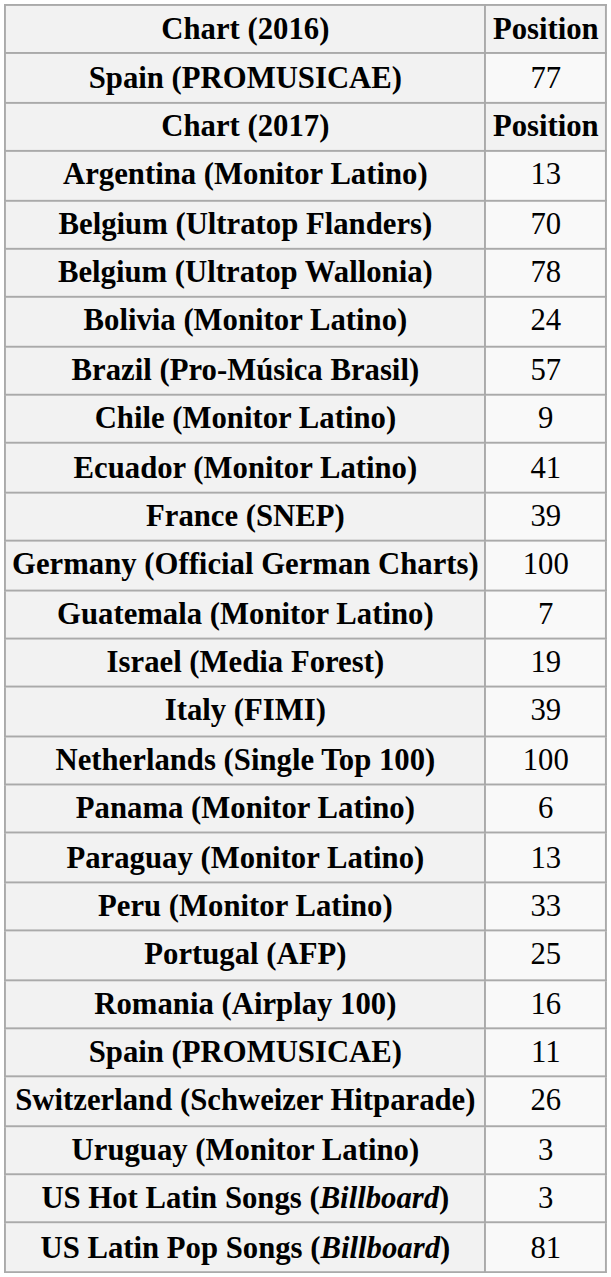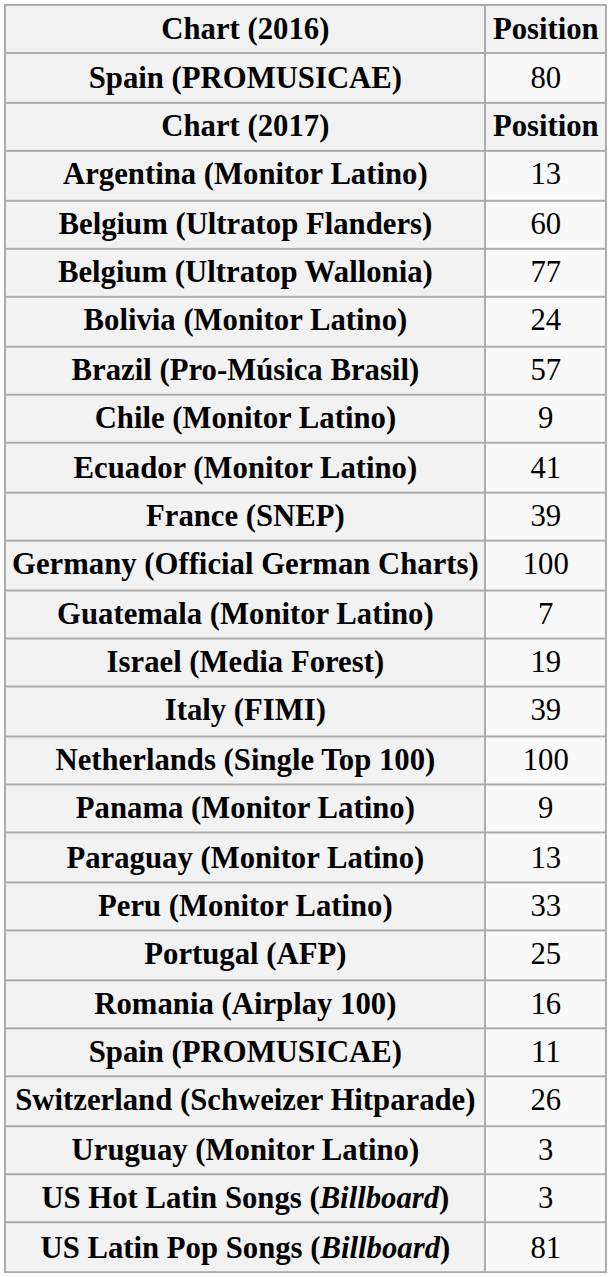 <table class="wikitable plainrowheaders sortable" style="text-align:center">
 <tr>
 <th>Chart (2016)</th>
 <th>Position</th>
 </tr>
 <tr>
 <th scope="row">Spain (PROMUSICAE)</th>
-<td>77</td>
+<td>80</td>
 </tr>
 <tr>
 <th>Chart (2017)</th>
 <th>Position</th>
 </tr>
 <tr>
 <th scope="row">Argentina (Monitor Latino)</th>
 <td>13</td>
 </tr>
 <tr>
 <th scope="row">Belgium (Ultratop Flanders)</th>
-<td>70</td>
+<td>60</td>
 </tr>
 <tr>
 <th scope="row">Belgium (Ultratop Wallonia)</th>
-<td>78</td>
+<td>77</td>
 </tr>
 <tr>
 <th scope="row">Bolivia (Monitor Latino)</th>
 <td>24</td>
 </tr>
 <tr>
 <th scope="row">Brazil (Pro-Música Brasil)</th>
 <td>57</td>
 </tr>
 <tr>
 <th scope="row">Chile (Monitor Latino)</th>
 <td>9</td>
 </tr>
 <tr>
 <th scope="row">Ecuador (Monitor Latino)</th>
 <td>41</td>
 </tr>
 <tr>
 <th scope="row">France (SNEP)</th>
 <td>39</td>
 </tr>
 <tr>
 <th scope="row">Germany (Official German Charts)</th>
 <td>100</td>
 </tr>
 <tr>
 <th scope="row">Guatemala (Monitor Latino)</th>
 <td>7</td>
 </tr>
 <tr>
 <th scope="row">Israel (Media Forest)</th>
 <td>19</td>
 </tr>
 <tr>
 <th scope="row">Italy (FIMI)</th>
 <td style="text-align:center;">39</td>
 </tr>
 <tr>
 <th scope="row">Netherlands (Single Top 100)</th>
 <td>100</td>
 </tr>
 <tr>
 <th scope="row">Panama (Monitor Latino)</th>
-<td>6</td>
+<td>9</td>
 </tr>
 <tr>
 <th scope="row">Paraguay (Monitor Latino)</th>
 <td>13</td>
 </tr>
 <tr>
 <th scope="row">Peru (Monitor Latino)</th>
 <td>33</td>
 </tr>
 <tr>
 <th scope="row">Portugal (AFP)</th>
 <td>25</td>
 </tr>
 <tr>
 <th scope="row">Romania (Airplay 100)</th>
 <td>16</td>
 </tr>
 <tr>
 <th scope="row">Spain (PROMUSICAE)</th>
 <td>11</td>
 </tr>
 <tr>
 <th scope="row">Switzerland (Schweizer Hitparade)</th>
 <td>26</td>
 </tr>
 <tr>
 <th scope="row">Uruguay (Monitor Latino)</th>
 <td>3</td>
 </tr>
 <tr>
 <th scope="row">US Hot Latin Songs (<em>Billboard</em>)</th>
 <td>3</td>
 </tr>
 <tr>
 <th scope="row">US Latin Pop Songs (<em>Billboard</em>)</th>
 <td>81</td>
 </tr>
 </table>
